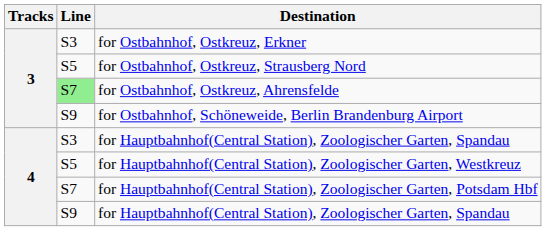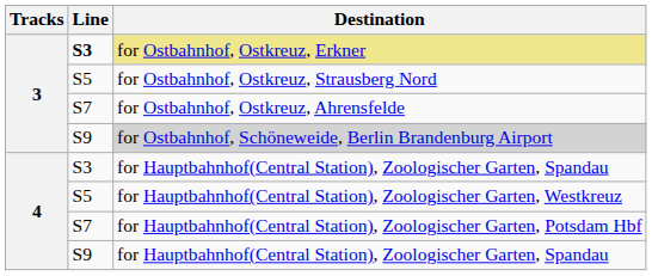 <table class="wikitable" rules="all" style="border:1px solid #999;">
 <tr>
 <th>Tracks</th>
 <th>Line</th>
 <th>Destination</th>
 </tr>
 <tr>
 <th rowspan="4">3</th>
-<td>S3</td>
-<td>for <a href='#'>Ostbahnhof</a>, <a href='#'>Ostkreuz</a>, <a href='#'>Erkner</a></td>
+<td><strong>S3</strong></td>
+<td style="background: khaki;">for <a href='#'>Ostbahnhof</a>, <a href='#'>Ostkreuz</a>, <a href='#'>Erkner</a></td>
 </tr>
 <tr>
 <td>S5</td>
 <td>for <a href='#'>Ostbahnhof</a>, <a href='#'>Ostkreuz</a>, <a href='#'>Strausberg Nord</a></td>
 </tr>
 <tr>
-<td style="background: lightgreen;">S7</td>
+<td>S7</td>
 <td>for <a href='#'>Ostbahnhof</a>, <a href='#'>Ostkreuz</a>, <a href='#'>Ahrensfelde</a></td>
 </tr>
 <tr>
 <td>S9</td>
-<td>for <a href='#'>Ostbahnhof</a>, <a href='#'>Schöneweide</a>, <a href='#'>Berlin Brandenburg Airport</a></td>
+<td style="background: lightgrey;">for <a href='#'>Ostbahnhof</a>, <a href='#'>Schöneweide</a>, <a href='#'>Berlin Brandenburg Airport</a></td>
 </tr>
 <tr>
 <th rowspan="4">4</th>
 <td>S3</td>
 <td>for <a href='#'>Hauptbahnhof(Central Station)</a>, <a href='#'>Zoologischer Garten</a>, <a href='#'>Spandau</a></td>
 </tr>
 <tr>
 <td>S5</td>
 <td>for <a href='#'>Hauptbahnhof(Central Station)</a>, <a href='#'>Zoologischer Garten</a>, <a href='#'>Westkreuz</a></td>
 </tr>
 <tr>
 <td>S7</td>
 <td>for <a href='#'>Hauptbahnhof(Central Station)</a>, <a href='#'>Zoologischer Garten</a>, <a href='#'>Potsdam Hbf</a></td>
 </tr>
 <tr>
 <td>S9</td>
 <td>for <a href='#'>Hauptbahnhof(Central Station)</a>, <a href='#'>Zoologischer Garten</a>, <a href='#'>Spandau</a></td>
 </tr>
 </table>
